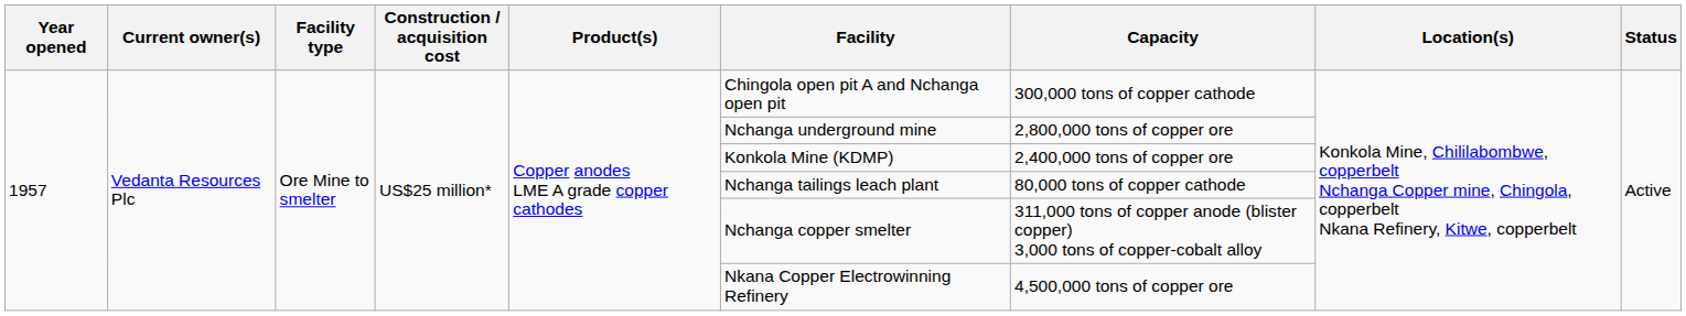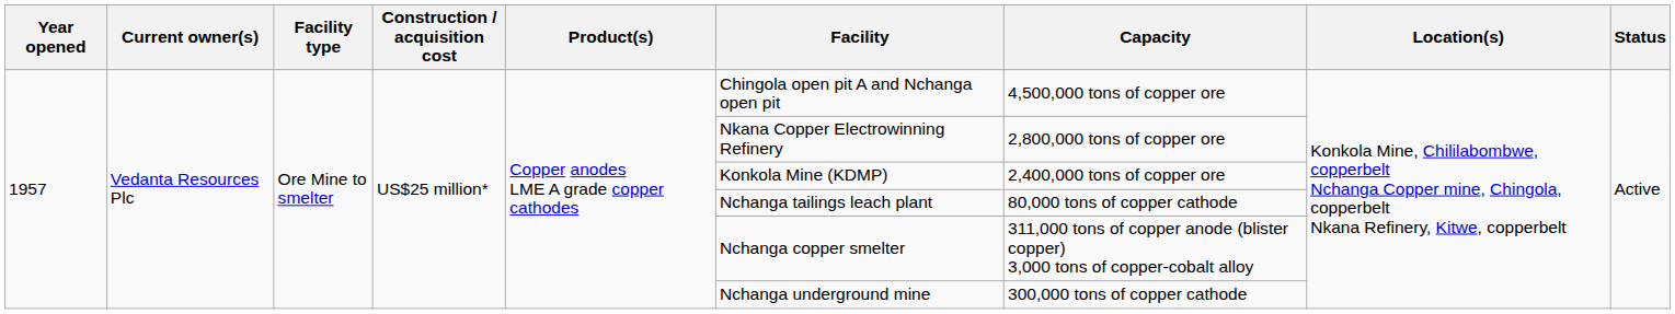 <table class="wikitable">
 <tr>
 <th>Year opened</th>
 <th>Current owner(s)</th>
 <th>Facility type</th>
 <th>Construction /<br>acquisition cost</th>
 <th>Product(s)</th>
 <th>Facility</th>
 <th>Capacity</th>
 <th>Location(s)</th>
 <th>Status</th>
 </tr>
 <tr>
 <td rowspan=6>1957</td>
 <td rowspan=6><a href='#'>Vedanta Resources</a> Plc</td>
 <td rowspan=6>Ore Mine to<br><a href='#'>smelter</a></td>
 <td rowspan=6>US$25 million*</td>
 <td rowspan=6><a href='#'>Copper</a> <a href='#'>anodes</a><br>LME A grade <a href='#'>copper</a> <a href='#'>cathodes</a></td>
 <td>Chingola open pit A and Nchanga open pit</td>
-<td>300,000 tons of copper cathode</td>
+<td>4,500,000 tons of copper ore</td>
 <td rowspan=6>Konkola Mine, <a href='#'>Chililabombwe</a>, <a href='#'>copperbelt</a><br><a href='#'>Nchanga Copper mine</a>, <a href='#'>Chingola</a>, copperbelt<br>Nkana Refinery, <a href='#'>Kitwe</a>, copperbelt</td>
 <td rowspan=6>Active</td>
 </tr>
 <tr>
-<td>Nchanga underground mine</td>
+<td>Nkana Copper Electrowinning Refinery</td>
 <td>2,800,000 tons of copper ore</td>
 </tr>
 <tr>
 <td>Konkola Mine (KDMP)</td>
 <td>2,400,000 tons of copper ore</td>
 </tr>
 <tr>
 <td>Nchanga tailings leach plant</td>
 <td>80,000 tons of copper cathode</td>
 </tr>
 <tr>
 <td>Nchanga copper smelter</td>
 <td>311,000 tons of copper anode (blister copper)<br>3,000 tons of copper-cobalt alloy</td>
 </tr>
 <tr>
-<td>Nkana Copper Electrowinning Refinery</td>
-<td>4,500,000 tons of copper ore</td>
+<td>Nchanga underground mine</td>
+<td>300,000 tons of copper cathode</td>
 </tr>
 </table>
